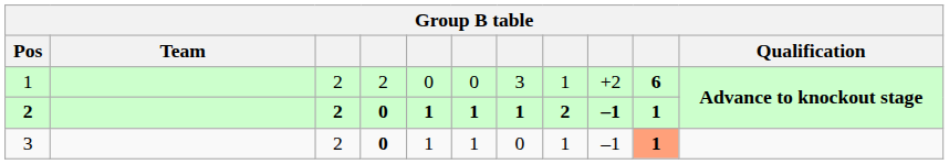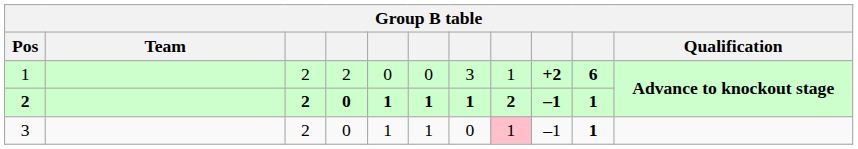 <table class="wikitable" style="text-align: center;">
 <tr>
 <th colspan="11">Group B table</th>
 </tr>
 <tr>
 <th width=30>Pos</th>
 <th width="210">Team</th>
 <th width=30></th>
 <th width=30></th>
 <th width=30></th>
 <th width=30></th>
 <th width=30></th>
 <th width=30></th>
 <th width=30></th>
 <th width=30></th>
 <th width=210>Qualification</th>
 </tr>
 <tr bgcolor=#ccffcc>
 <td>1</td>
 <td align="left"></td>
 <td>2</td>
 <td>2</td>
 <td>0</td>
 <td>0</td>
 <td>3</td>
 <td>1</td>
-<td>+2</td>
+<td><strong>+2</strong></td>
 <td><strong>6</strong></td>
 <td rowspan="2"><strong>Advance to knockout stage</strong></td>
 </tr>
 <tr bgcolor=#ccffcc>
 <td><strong>2</strong></td>
 <td align="left"><strong></strong></td>
 <td><strong>2</strong></td>
 <td><strong>0</strong></td>
 <td><strong>1</strong></td>
 <td><strong>1</strong></td>
 <td><strong>1</strong></td>
 <td><strong>2</strong></td>
 <td><strong>–1</strong></td>
 <td><strong>1</strong></td>
 </tr>
 <tr>
 <td>3</td>
 <td align="left"></td>
 <td>2</td>
-<td><strong>0</strong></td>
+<td>0</td>
 <td>1</td>
 <td>1</td>
 <td>0</td>
-<td>1</td>
+<td style="background: pink;">1</td>
 <td>–1</td>
-<td style="background: lightsalmon;"><strong>1</strong></td>
+<td><strong>1</strong></td>
 <td></td>
 </tr>
 </table>
